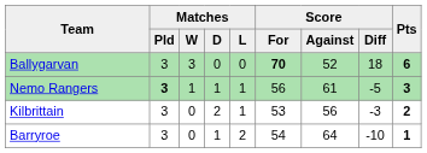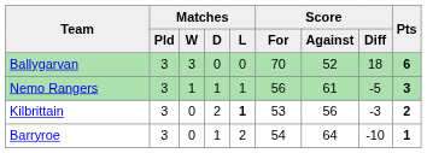 <table style=border-collapse:collapse border=1 cellspacing=0 cellpadding=5>
 <tr align=center bgcolor=#efefef>
 <th rowspan=2 width=165>Team</th>
 <th colspan=4>Matches</th>
 <th colspan=3>Score</th>
 <th rowspan=2width=20>Pts</th>
 </tr>
 <tr align=center bgcolor=#efefef>
 <th width=20>Pld</th>
 <th width=20>W</th>
 <th width=20>D</th>
 <th width=20>L</th>
 <th width=45>For</th>
 <th width=45>Against</th>
 <th width=30>Diff</th>
 </tr>
 <tr align=center style="background:#ACE1AF;">
 <td style="text-align:left;"><a href='#'>Ballygarvan</a></td>
 <td>3</td>
 <td>3</td>
 <td>0</td>
 <td>0</td>
-<td><strong>70</strong></td>
+<td>70</td>
 <td>52</td>
 <td>18</td>
 <td><strong>6</strong></td>
 </tr>
 <tr align=center style="background:#ACE1AF;">
 <td style="text-align:left;"><a href='#'>Nemo Rangers</a></td>
-<td><strong>3</strong></td>
+<td>3</td>
 <td>1</td>
 <td>1</td>
 <td>1</td>
 <td>56</td>
 <td>61</td>
 <td>-5</td>
 <td><strong>3</strong></td>
 </tr>
 <tr align=center>
 <td style="text-align:left;"><a href='#'>Kilbrittain</a></td>
 <td>3</td>
 <td>0</td>
 <td>2</td>
-<td>1</td>
+<td><strong>1</strong></td>
 <td>53</td>
 <td>56</td>
 <td>-3</td>
 <td><strong>2</strong></td>
 </tr>
 <tr align=center>
 <td style="text-align:left;"><a href='#'>Barryroe</a></td>
 <td>3</td>
 <td>0</td>
 <td>1</td>
 <td>2</td>
 <td>54</td>
 <td>64</td>
 <td>-10</td>
 <td><strong>1</strong></td>
 </tr>
 </table>
